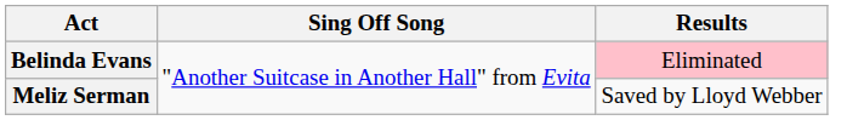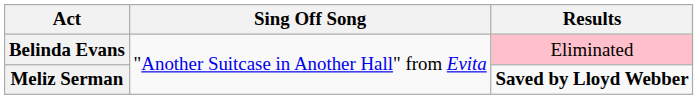 <table class="wikitable plainrowheaders" style="text-align:center;">
 <tr>
 <th scope="col">Act</th>
 <th scope="col">Sing Off Song</th>
 <th scope="col">Results</th>
 </tr>
 <tr>
 <th scope="row">Belinda Evans</th>
 <td rowspan="2">"<a href='#'>Another Suitcase in Another Hall</a>" from <em><a href='#'>Evita</a></em></td>
 <td style="background:pink;">Eliminated</td>
 </tr>
 <tr>
 <th scope="row">Meliz Serman</th>
-<td>Saved by Lloyd Webber</td>
+<td><strong>Saved by Lloyd Webber</strong></td>
 </tr>
 </table>
